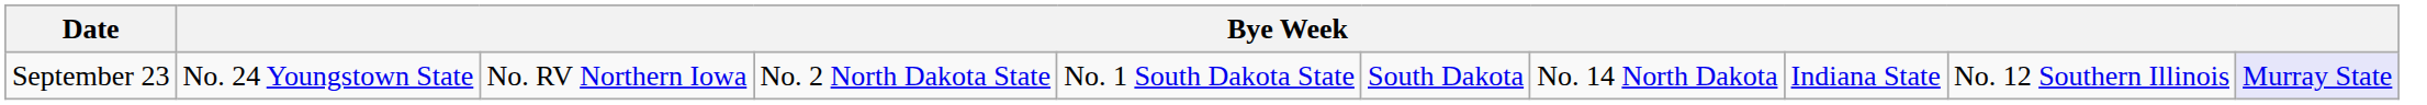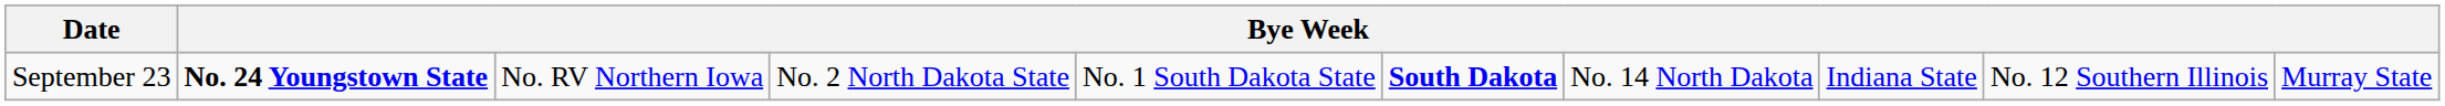 <table class="wikitable" style="font-size:95%;">
 <tr>
 <th>Date</th>
 <th colspan="9">Bye Week</th>
 </tr>
 <tr>
 <td>September 23</td>
-<td>No. 24 <a href='#'>Youngstown State</a></td>
+<td><strong>No. 24 <a href='#'>Youngstown State</a></strong></td>
 <td>No. RV <a href='#'>Northern Iowa</a></td>
 <td>No. 2 <a href='#'>North Dakota State</a></td>
 <td>No. 1 <a href='#'>South Dakota State</a></td>
-<td><a href='#'>South Dakota</a></td>
+<td><strong><a href='#'>South Dakota</a></strong></td>
 <td>No. 14 <a href='#'>North Dakota</a></td>
 <td><a href='#'>Indiana State</a></td>
 <td>No. 12 <a href='#'>Southern Illinois</a></td>
-<td style="background: lavender;"><a href='#'>Murray State</a></td>
+<td><a href='#'>Murray State</a></td>
 </tr>
 </table>
